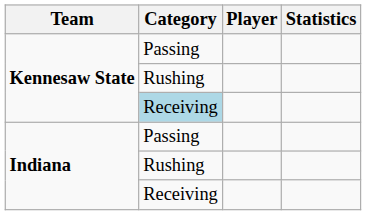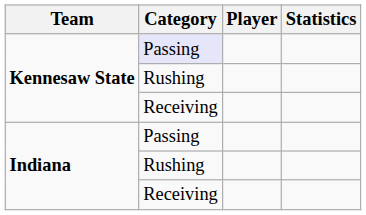 <table class="wikitable" style="float: right;">
 <tr>
 <th>Team</th>
 <th>Category</th>
 <th>Player</th>
 <th>Statistics</th>
 </tr>
 <tr>
 <td rowspan=3><strong>Kennesaw State</strong></td>
-<td>Passing</td>
+<td style="background: lavender;">Passing</td>
 <td></td>
 <td></td>
 </tr>
 <tr>
 <td>Rushing</td>
 <td></td>
 <td></td>
 </tr>
 <tr>
-<td style="background: lightblue;">Receiving</td>
+<td>Receiving</td>
 <td></td>
 <td></td>
 </tr>
 <tr>
 <td rowspan=3><strong>Indiana</strong></td>
 <td>Passing</td>
 <td></td>
 <td></td>
 </tr>
 <tr>
 <td>Rushing</td>
 <td></td>
 <td></td>
 </tr>
 <tr>
 <td>Receiving</td>
 <td></td>
 <td></td>
 </tr>
 </table>
